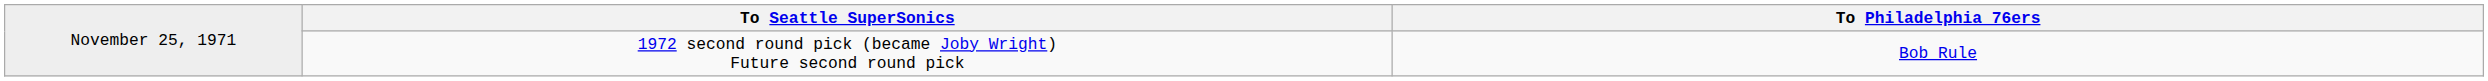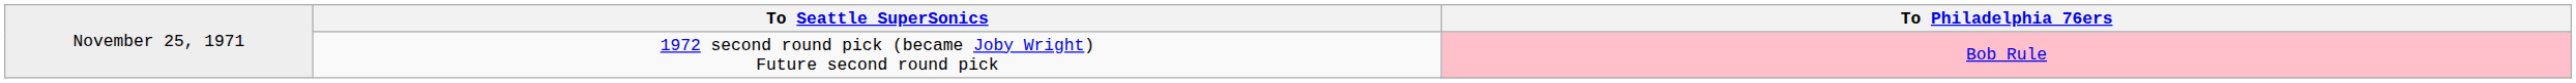 <table class="wikitable" border=1 style="border-collapse:collapse; text-align: center; width: 100%" bordercolor="#DFDFDF"  cellpadding="5">
 <tr bgcolor="eeeeee">
 <td scope="row" rowspan="2" style="width:12%">November 25, 1971</td>
 <th scope="col" style="width:44%" valign="top">To <strong><a href='#'>Seattle SuperSonics</a></strong></th>
 <th scope="col" style="width:44%" valign="top">To <strong><a href='#'>Philadelphia 76ers</a></strong></th>
 </tr>
 <tr>
 <td><a href='#'>1972</a> second round pick (became <a href='#'>Joby Wright</a>) <br>Future second round pick</td>
-<td><a href='#'>Bob Rule</a></td>
+<td style="background: pink;"><a href='#'>Bob Rule</a></td>
 </tr>
 </table>
